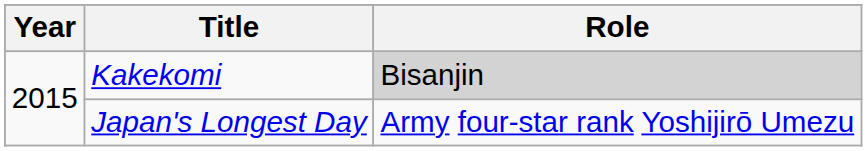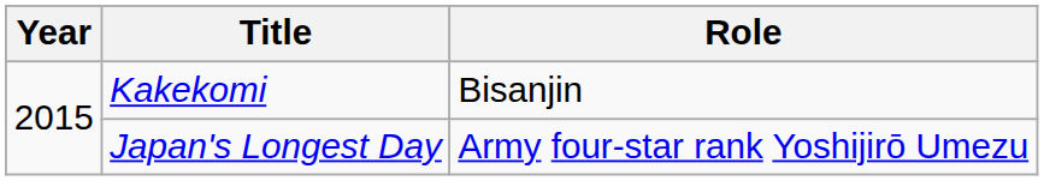 <table class="wikitable">
 <tr>
 <th>Year</th>
 <th>Title</th>
 <th>Role</th>
 </tr>
 <tr>
 <td rowspan="2">2015</td>
 <td><em><a href='#'>Kakekomi</a></em></td>
-<td style="background: lightgrey;">Bisanjin</td>
+<td>Bisanjin</td>
 </tr>
 <tr>
 <td><em><a href='#'>Japan's Longest Day</a></em></td>
 <td><a href='#'>Army</a> <a href='#'>four-star rank</a> <a href='#'>Yoshijirō Umezu</a></td>
 </tr>
 </table>
